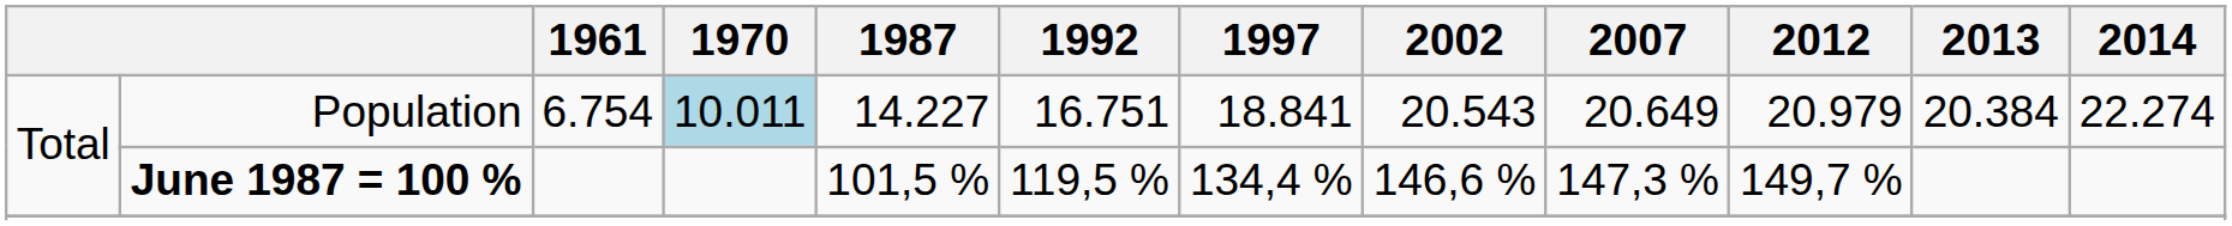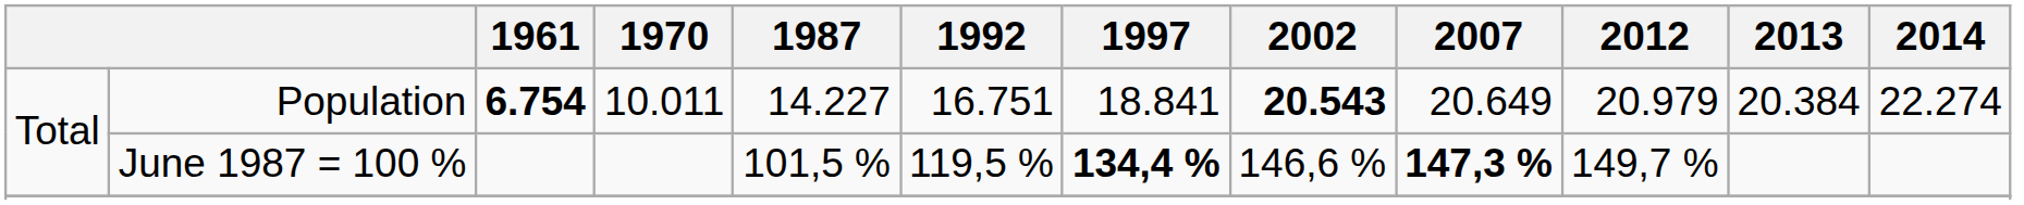 <table class="wikitable" style="text-align:right">
 <tr>
 <th colspan="2"></th>
 <th>1961</th>
 <th>1970</th>
 <th>1987   </th>
 <th>1992   </th>
 <th>1997   </th>
 <th>2002  </th>
 <th>2007   </th>
 <th>2012</th>
 <th>2013</th>
 <th>2014</th>
 </tr>
 <tr>
 <td rowspan="2">Total</td>
 <td>Population</td>
-<td>6.754</td>
-<td style="background: lightblue;">10.011</td>
+<td><strong>6.754</strong></td>
+<td>10.011</td>
 <td>14.227  </td>
 <td>16.751   </td>
 <td>18.841   </td>
-<td>20.543   </td>
+<td><strong>20.543   </strong></td>
 <td>20.649   </td>
 <td>20.979</td>
 <td>20.384</td>
 <td>22.274</td>
 </tr>
 <tr>
-<td><strong>June 1987 = 100 %</strong></td>
+<td>June 1987 = 100 %</td>
 <td></td>
 <td></td>
 <td>101,5 %   </td>
 <td>119,5 %   </td>
-<td>134,4 %   </td>
+<td><strong>134,4 %   </strong></td>
 <td>146,6 %   </td>
-<td>147,3 %   </td>
+<td><strong>147,3 %   </strong></td>
 <td>149,7 %</td>
 <td></td>
 <td></td>
 </tr>
 <tr>
 </tr>
 <tr>
 </tr>
 </table>
